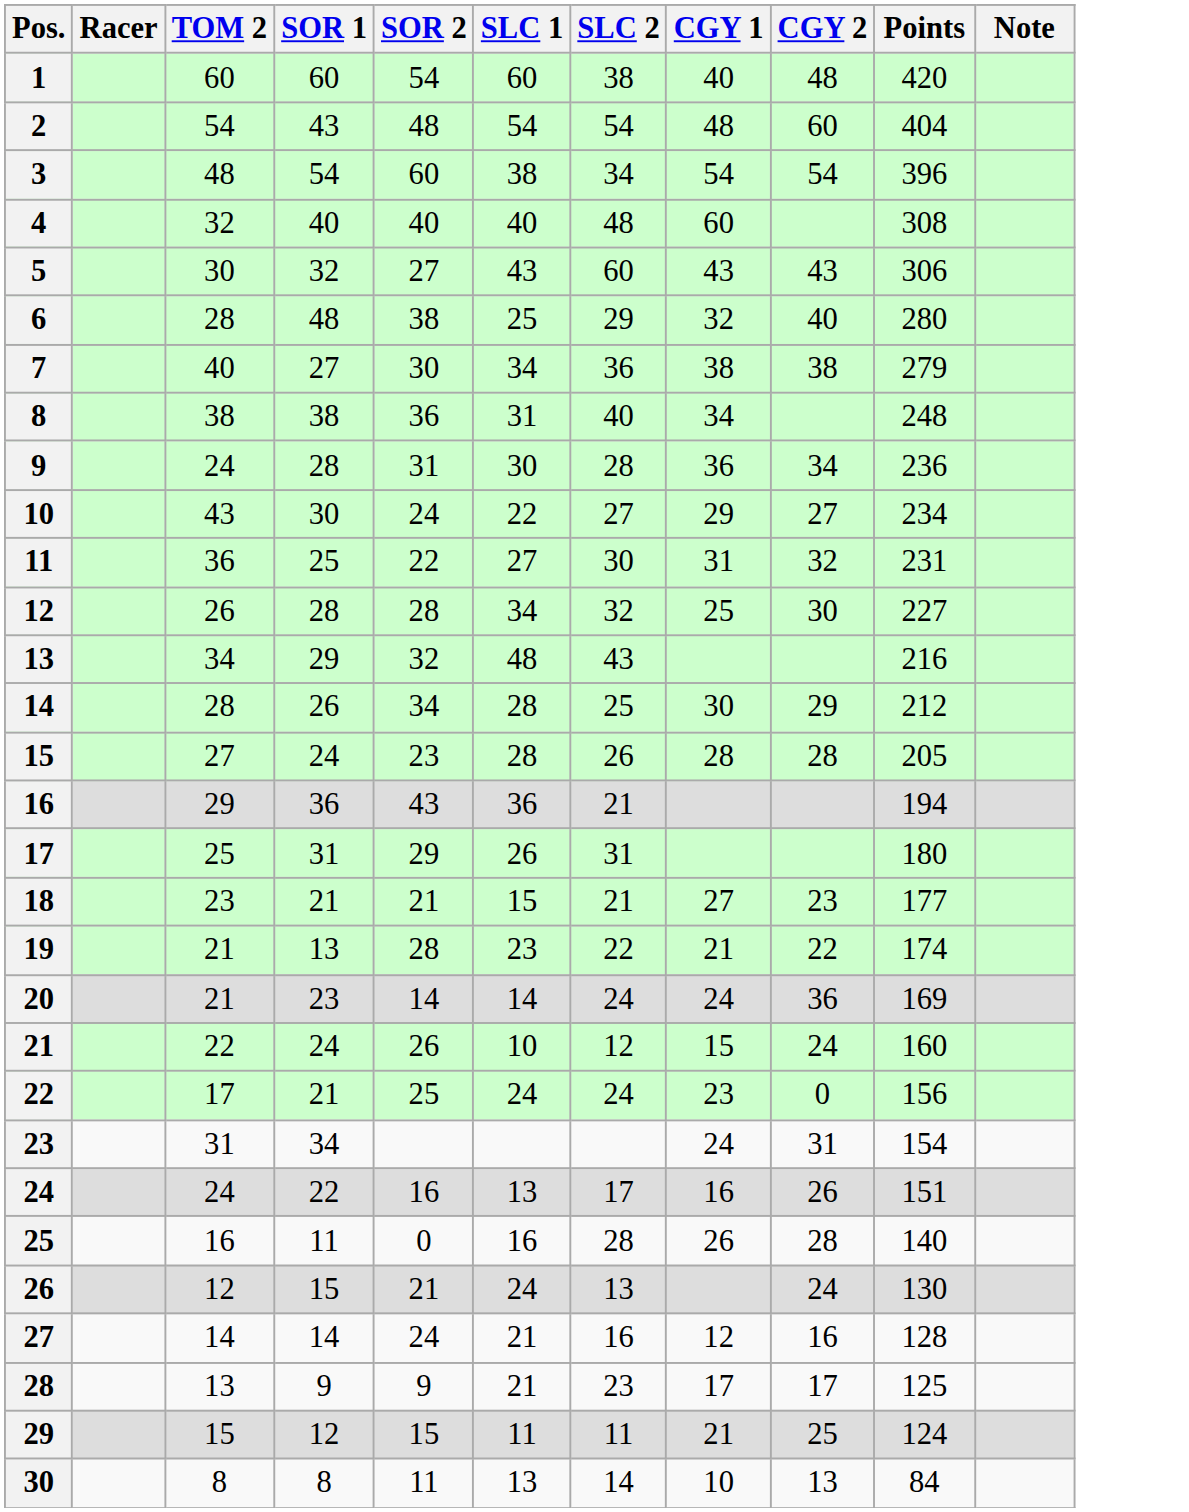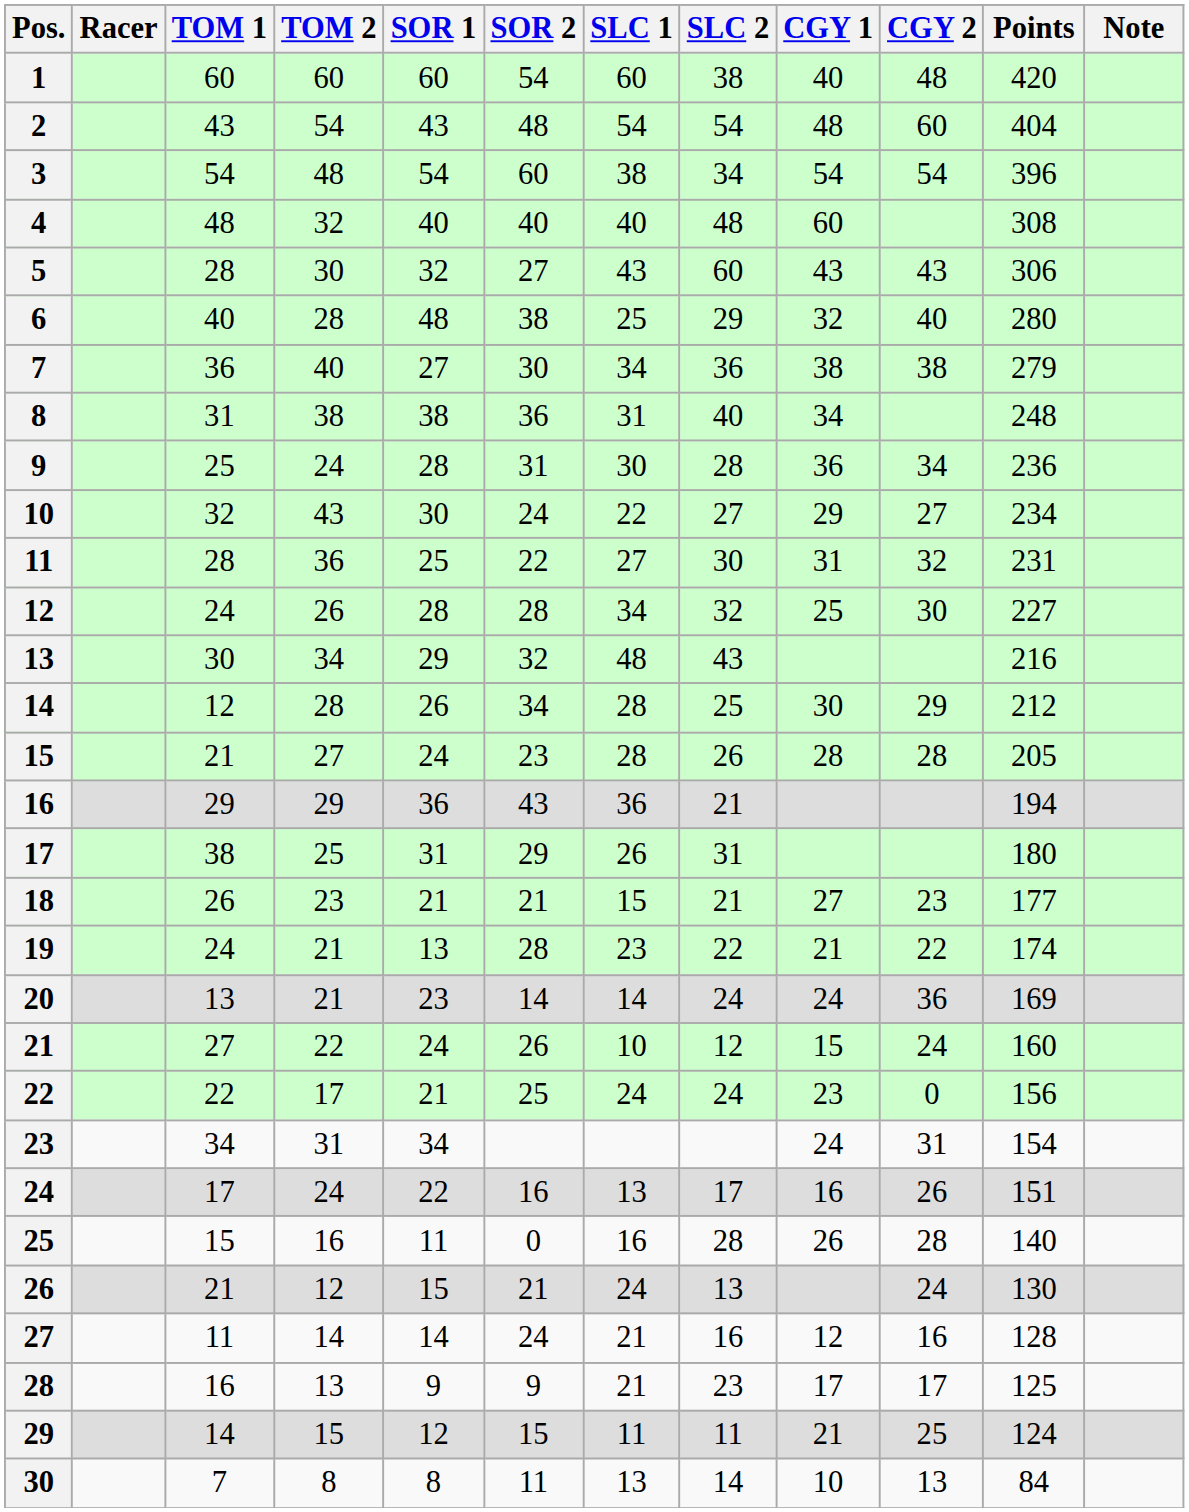 <table class="wikitable sortable plainrowheaders" style="text-align:center;">
 <tr>
 <th scope="col">Pos.</th>
 <th scope="col">Racer</th>
+<th scope="col"> <a href='#'>TOM</a> 1</th>
 <th> <a href='#'>TOM</a> 2</th>
 <th scope="col"> <a href='#'>SOR</a> 1</th>
 <th> <a href='#'>SOR</a> 2</th>
 <th scope="col"> <a href='#'>SLC</a> 1</th>
 <th> <a href='#'>SLC</a> 2</th>
 <th scope="col"> <a href='#'>CGY</a> 1</th>
 <th> <a href='#'>CGY</a> 2</th>
 <th style="width:45px;">Points</th>
 <th style="width:45px;">Note</th>
 </tr>
 <tr bgcolor=#ccffcc>
 <th style="text - align:center; ">1</th>
 <td align="left"></td>
 <td>60</td>
 <td>60</td>
+<td>60</td>
 <td>54</td>
 <td>60</td>
 <td>38</td>
 <td>40</td>
 <td>48</td>
 <td>420</td>
 <td></td>
 </tr>
 <tr bgcolor=#ccffcc>
 <th style="text - align:center; ">2</th>
 <td align="left"></td>
+<td>43</td>
 <td>54</td>
 <td>43</td>
 <td>48</td>
 <td>54</td>
 <td>54</td>
 <td>48</td>
 <td>60</td>
 <td>404</td>
 <td></td>
 </tr>
 <tr bgcolor=#ccffcc>
 <th style="text - align:center; ">3</th>
 <td align="left"></td>
+<td>54</td>
 <td>48</td>
 <td>54</td>
 <td>60</td>
 <td>38</td>
 <td>34</td>
 <td>54</td>
 <td>54</td>
 <td>396</td>
 <td></td>
 </tr>
 <tr bgcolor=#ccffcc>
 <th style="text - align:center; ">4</th>
 <td align="left"></td>
+<td>48</td>
 <td>32</td>
 <td>40</td>
 <td>40</td>
 <td>40</td>
 <td>48</td>
 <td>60</td>
 <td></td>
 <td>308</td>
 <td></td>
 </tr>
 <tr bgcolor=#ccffcc>
 <th style="text - align:center; ">5</th>
 <td align="left"></td>
+<td>28</td>
 <td>30</td>
 <td>32</td>
 <td>27</td>
 <td>43</td>
 <td>60</td>
 <td>43</td>
 <td>43</td>
 <td>306</td>
 <td></td>
 </tr>
 <tr bgcolor=#ccffcc>
 <th style="text - align:center; ">6</th>
 <td align="left"></td>
+<td>40</td>
 <td>28</td>
 <td>48</td>
 <td>38</td>
 <td>25</td>
 <td>29</td>
 <td>32</td>
 <td>40</td>
 <td>280</td>
 <td></td>
 </tr>
 <tr bgcolor=#ccffcc>
 <th style="text - align:center; ">7</th>
 <td align="left"></td>
+<td>36</td>
 <td>40</td>
 <td>27</td>
 <td>30</td>
 <td>34</td>
 <td>36</td>
 <td>38</td>
 <td>38</td>
 <td>279</td>
 <td></td>
 </tr>
 <tr bgcolor=#ccffcc>
 <th style="text - align:center; ">8</th>
 <td align="left"></td>
+<td>31</td>
 <td>38</td>
 <td>38</td>
 <td>36</td>
 <td>31</td>
 <td>40</td>
 <td>34</td>
 <td></td>
 <td>248</td>
 <td></td>
 </tr>
 <tr bgcolor=#ccffcc>
 <th style="text - align:center; ">9</th>
 <td align="left"></td>
+<td>25</td>
 <td>24</td>
 <td>28</td>
 <td>31</td>
 <td>30</td>
 <td>28</td>
 <td>36</td>
 <td>34</td>
 <td>236</td>
 <td></td>
 </tr>
 <tr bgcolor=#ccffcc>
 <th style="text - align:center; ">10</th>
 <td align="left"></td>
+<td>32</td>
 <td>43</td>
 <td>30</td>
 <td>24</td>
 <td>22</td>
 <td>27</td>
 <td>29</td>
 <td>27</td>
 <td>234</td>
 <td></td>
 </tr>
 <tr bgcolor=#ccffcc>
 <th style="text - align:center; ">11</th>
 <td align="left"></td>
+<td>28</td>
 <td>36</td>
 <td>25</td>
 <td>22</td>
 <td>27</td>
 <td>30</td>
 <td>31</td>
 <td>32</td>
 <td>231</td>
 <td></td>
 </tr>
 <tr bgcolor=#ccffcc>
 <th style="text - align:center; ">12</th>
 <td align="left"></td>
+<td>24</td>
 <td>26</td>
 <td>28</td>
 <td>28</td>
 <td>34</td>
 <td>32</td>
 <td>25</td>
 <td>30</td>
 <td>227</td>
 <td></td>
 </tr>
 <tr bgcolor=#ccffcc>
 <th style="text - align:center; ">13</th>
 <td align="left"></td>
+<td>30</td>
 <td>34</td>
 <td>29</td>
 <td>32</td>
 <td>48</td>
 <td>43</td>
 <td></td>
 <td></td>
 <td>216</td>
 <td></td>
 </tr>
 <tr bgcolor=#ccffcc>
 <th style="text - align:center; ">14</th>
 <td align="left"></td>
+<td>12</td>
 <td>28</td>
 <td>26</td>
 <td>34</td>
 <td>28</td>
 <td>25</td>
 <td>30</td>
 <td>29</td>
 <td>212</td>
 <td></td>
 </tr>
 <tr bgcolor=#ccffcc>
 <th style="text - align:center; ">15</th>
 <td align="left"></td>
+<td>21</td>
 <td>27</td>
 <td>24</td>
 <td>23</td>
 <td>28</td>
 <td>26</td>
 <td>28</td>
 <td>28</td>
 <td>205</td>
 <td></td>
 </tr>
 <tr bgcolor=#dddddd>
 <th style="text - align:center; ">16</th>
 <td align="left"></td>
 <td>29</td>
+<td>29</td>
 <td>36</td>
 <td>43</td>
 <td>36</td>
 <td>21</td>
 <td></td>
 <td></td>
 <td>194</td>
 <td></td>
 </tr>
 <tr bgcolor=#ccffcc>
 <th style="text - align:center; ">17</th>
 <td align="left"></td>
+<td>38</td>
 <td>25</td>
 <td>31</td>
 <td>29</td>
 <td>26</td>
 <td>31</td>
 <td></td>
 <td></td>
 <td>180</td>
 <td></td>
 </tr>
 <tr bgcolor=#ccffcc>
 <th style="text - align:center; ">18</th>
 <td align="left"></td>
+<td>26</td>
 <td>23</td>
 <td>21</td>
 <td>21</td>
 <td>15</td>
 <td>21</td>
 <td>27</td>
 <td>23</td>
 <td>177</td>
 <td></td>
 </tr>
 <tr bgcolor=#ccffcc>
 <th style="text - align:center; ">19</th>
 <td align="left"></td>
+<td>24</td>
 <td>21</td>
 <td>13</td>
 <td>28</td>
 <td>23</td>
 <td>22</td>
 <td>21</td>
 <td>22</td>
 <td>174</td>
 <td></td>
 </tr>
 <tr bgcolor=#dddddd>
 <th style="text - align:center; ">20</th>
 <td align="left"></td>
+<td>13</td>
 <td>21</td>
 <td>23</td>
 <td>14</td>
 <td>14</td>
 <td>24</td>
 <td>24</td>
 <td>36</td>
 <td>169</td>
 <td></td>
 </tr>
 <tr bgcolor=#ccffcc>
 <th style="text - align:center; ">21</th>
 <td align="left"></td>
+<td>27</td>
 <td>22</td>
 <td>24</td>
 <td>26</td>
 <td>10</td>
 <td>12</td>
 <td>15</td>
 <td>24</td>
 <td>160</td>
 <td></td>
 </tr>
 <tr bgcolor=#ccffcc>
 <th style="text - align:center; ">22</th>
 <td align="left"></td>
+<td>22</td>
 <td>17</td>
 <td>21</td>
 <td>25</td>
 <td>24</td>
 <td>24</td>
 <td>23</td>
 <td>0</td>
 <td>156</td>
 <td></td>
 </tr>
 <tr>
 <th style="text - align:center; ">23</th>
 <td align="left"></td>
+<td>34</td>
 <td>31</td>
 <td>34</td>
 <td></td>
 <td></td>
 <td></td>
 <td>24</td>
 <td>31</td>
 <td>154</td>
 <td></td>
 </tr>
 <tr bgcolor=#dddddd>
 <th style="text - align:center; ">24</th>
 <td align="left"></td>
+<td>17</td>
 <td>24</td>
 <td>22</td>
 <td>16</td>
 <td>13</td>
 <td>17</td>
 <td>16</td>
 <td>26</td>
 <td>151</td>
 <td></td>
 </tr>
 <tr>
 <th style="text - align:center; ">25</th>
 <td align="left"></td>
+<td>15</td>
 <td>16</td>
 <td>11</td>
 <td>0</td>
 <td>16</td>
 <td>28</td>
 <td>26</td>
 <td>28</td>
 <td>140</td>
 <td></td>
 </tr>
 <tr bgcolor=#dddddd>
 <th style="text - align:center; ">26</th>
 <td align="left"></td>
+<td>21</td>
 <td>12</td>
 <td>15</td>
 <td>21</td>
 <td>24</td>
 <td>13</td>
 <td></td>
 <td>24</td>
 <td>130</td>
 <td></td>
 </tr>
 <tr>
 <th style="text - align:center; ">27</th>
 <td align="left"></td>
+<td>11</td>
 <td>14</td>
 <td>14</td>
 <td>24</td>
 <td>21</td>
 <td>16</td>
 <td>12</td>
 <td>16</td>
 <td>128</td>
 <td></td>
 </tr>
 <tr>
 <th style="text - align:center; ">28</th>
 <td align="left"></td>
+<td>16</td>
 <td>13</td>
 <td>9</td>
 <td>9</td>
 <td>21</td>
 <td>23</td>
 <td>17</td>
 <td>17</td>
 <td>125</td>
 <td></td>
 </tr>
 <tr bgcolor=#dddddd>
 <th style="text - align:center; ">29</th>
 <td align="left"></td>
+<td>14</td>
 <td>15</td>
 <td>12</td>
 <td>15</td>
 <td>11</td>
 <td>11</td>
 <td>21</td>
 <td>25</td>
 <td>124</td>
 <td></td>
 </tr>
 <tr>
 <th style="text - align:center; ">30</th>
 <td align="left"></td>
+<td>7</td>
 <td>8</td>
 <td>8</td>
 <td>11</td>
 <td>13</td>
 <td>14</td>
 <td>10</td>
 <td>13</td>
 <td>84</td>
 <td></td>
 </tr>
 </table>
